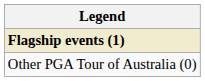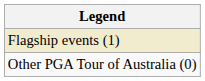 <table class="wikitable" style="font-size:95%;">
 <tr>
 <th>Legend</th>
 </tr>
 <tr style="background:#f2ecce;">
-<td><strong>Flagship events (1)</strong></td>
+<td>Flagship events (1)</td>
 </tr>
 <tr>
 <td>Other PGA Tour of Australia (0)</td>
 </tr>
 </table>
